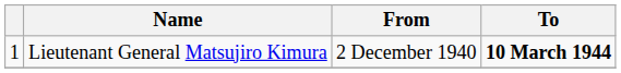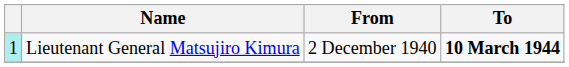 <table class=wikitable>
 <tr>
 <th></th>
 <th>Name</th>
 <th>From</th>
 <th>To</th>
 </tr>
 <tr>
-<td>1</td>
+<td style="background: paleturquoise;">1</td>
 <td>Lieutenant General <a href='#'>Matsujiro Kimura</a></td>
 <td>2 December 1940</td>
 <td><strong>10 March 1944</strong></td>
 </tr>
 <tr>
 </tr>
 </table>
